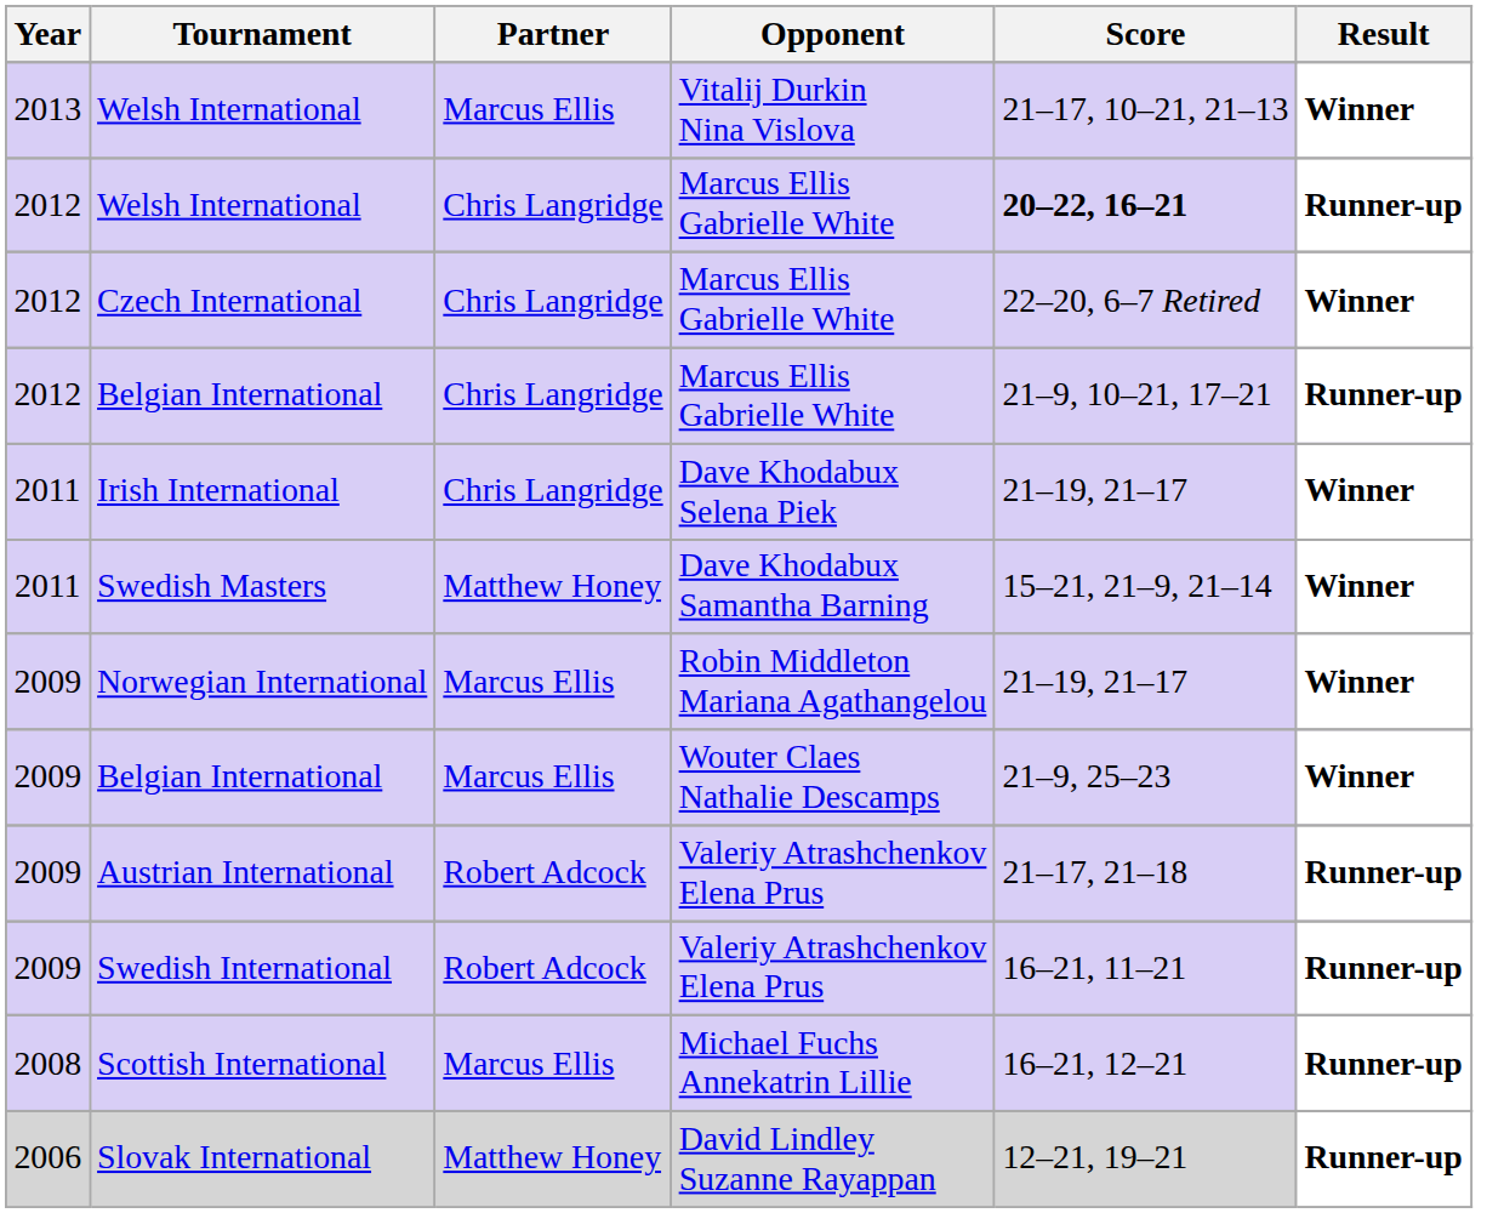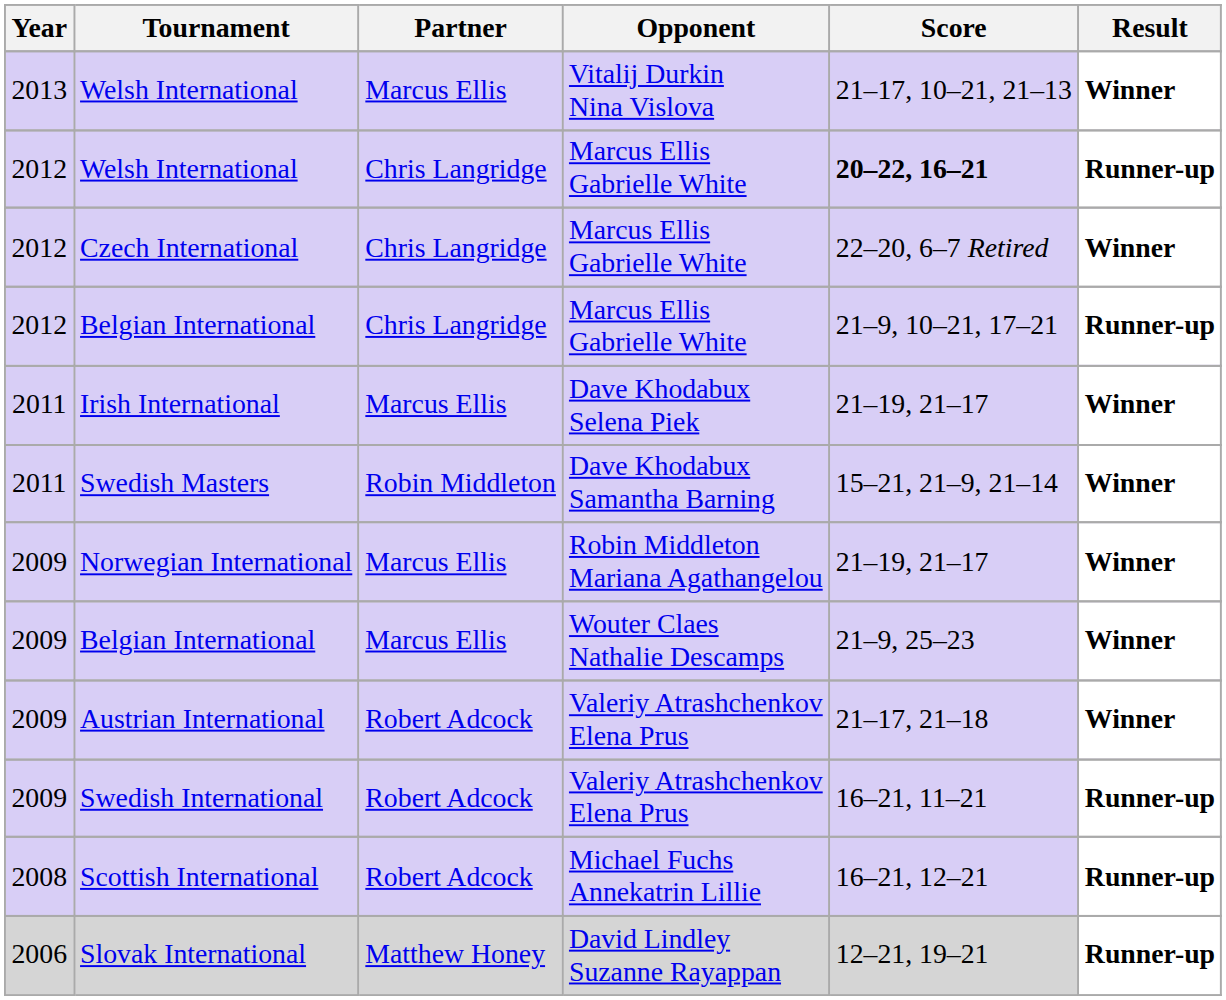 <table class="sortable wikitable" style="font-size: 90%;">
 <tr>
 <th>Year</th>
 <th>Tournament</th>
 <th>Partner</th>
 <th>Opponent</th>
 <th>Score</th>
 <th>Result</th>
 </tr>
 <tr>
 </tr>
 <tr style="background:#D8CEF6">
 <td align="center">2013</td>
 <td align="left"><a href='#'>Welsh International</a></td>
 <td align="left"> <a href='#'>Marcus Ellis</a></td>
 <td align="left"> <a href='#'>Vitalij Durkin</a><br> <a href='#'>Nina Vislova</a></td>
 <td align="left">21–17, 10–21, 21–13</td>
 <td style="text-align:left; background:white"> <strong>Winner</strong></td>
 </tr>
 <tr>
 </tr>
 <tr style="background:#D8CEF6">
 <td align="center">2012</td>
 <td align="left"><a href='#'>Welsh International</a></td>
 <td align="left"> <a href='#'>Chris Langridge</a></td>
 <td align="left"> <a href='#'>Marcus Ellis</a><br> <a href='#'>Gabrielle White</a></td>
 <td align="left"><strong>20–22, 16–21</strong></td>
 <td style="text-align:left; background:white"> <strong>Runner-up</strong></td>
 </tr>
 <tr>
 </tr>
 <tr style="background:#D8CEF6">
 <td align="center">2012</td>
 <td align="left"><a href='#'>Czech International</a></td>
 <td align="left"> <a href='#'>Chris Langridge</a></td>
 <td align="left"> <a href='#'>Marcus Ellis</a><br> <a href='#'>Gabrielle White</a></td>
 <td align="left">22–20, 6–7 <em>Retired</em></td>
 <td style="text-align:left; background:white"> <strong>Winner</strong></td>
 </tr>
 <tr>
 </tr>
 <tr style="background:#D8CEF6">
 <td align="center">2012</td>
 <td align="left"><a href='#'>Belgian International</a></td>
 <td align="left"> <a href='#'>Chris Langridge</a></td>
 <td align="left"> <a href='#'>Marcus Ellis</a><br> <a href='#'>Gabrielle White</a></td>
 <td align="left">21–9, 10–21, 17–21</td>
 <td style="text-align:left; background:white"> <strong>Runner-up</strong></td>
 </tr>
 <tr>
 </tr>
 <tr style="background:#D8CEF6">
 <td align="center">2011</td>
 <td align="left"><a href='#'>Irish International</a></td>
-<td align="left"> <a href='#'>Chris Langridge</a></td>
+<td align="left"> <a href='#'>Marcus Ellis</a></td>
 <td align="left"> <a href='#'>Dave Khodabux</a><br> <a href='#'>Selena Piek</a></td>
 <td align="left">21–19, 21–17</td>
 <td style="text-align:left; background:white"> <strong>Winner</strong></td>
 </tr>
 <tr>
 </tr>
 <tr style="background:#D8CEF6">
 <td align="center">2011</td>
 <td align="left"><a href='#'>Swedish Masters</a></td>
-<td align="left"> <a href='#'>Matthew Honey</a></td>
+<td align="left"> <a href='#'>Robin Middleton</a></td>
 <td align="left"> <a href='#'>Dave Khodabux</a><br> <a href='#'>Samantha Barning</a></td>
 <td align="left">15–21, 21–9, 21–14</td>
 <td style="text-align:left; background:white"> <strong>Winner</strong></td>
 </tr>
 <tr>
 </tr>
 <tr style="background:#D8CEF6">
 <td align="center">2009</td>
 <td align="left"><a href='#'>Norwegian International</a></td>
 <td align="left"> <a href='#'>Marcus Ellis</a></td>
 <td align="left"> <a href='#'>Robin Middleton</a><br> <a href='#'>Mariana Agathangelou</a></td>
 <td align="left">21–19, 21–17</td>
 <td style="text-align:left; background:white"> <strong>Winner</strong></td>
 </tr>
 <tr>
 </tr>
 <tr style="background:#D8CEF6">
 <td align="center">2009</td>
 <td align="left"><a href='#'>Belgian International</a></td>
 <td align="left"> <a href='#'>Marcus Ellis</a></td>
 <td align="left"> <a href='#'>Wouter Claes</a><br> <a href='#'>Nathalie Descamps</a></td>
 <td align="left">21–9, 25–23</td>
 <td style="text-align:left; background:white"> <strong>Winner</strong></td>
 </tr>
 <tr>
 </tr>
 <tr style="background:#D8CEF6">
 <td align="center">2009</td>
 <td align="left"><a href='#'>Austrian International</a></td>
 <td align="left"> <a href='#'>Robert Adcock</a></td>
 <td align="left"> <a href='#'>Valeriy Atrashchenkov</a><br> <a href='#'>Elena Prus</a></td>
 <td align="left">21–17, 21–18</td>
-<td style="text-align:left; background:white"> <strong>Runner-up</strong></td>
+<td style="text-align:left; background:white"> <strong>Winner</strong></td>
 </tr>
 <tr>
 </tr>
 <tr style="background:#D8CEF6">
 <td align="center">2009</td>
 <td align="left"><a href='#'>Swedish International</a></td>
 <td align="left"> <a href='#'>Robert Adcock</a></td>
 <td align="left"> <a href='#'>Valeriy Atrashchenkov</a><br> <a href='#'>Elena Prus</a></td>
 <td align="left">16–21, 11–21</td>
 <td style="text-align:left; background:white"> <strong>Runner-up</strong></td>
 </tr>
 <tr>
 </tr>
 <tr style="background:#D8CEF6">
 <td align="center">2008</td>
 <td align="left"><a href='#'>Scottish International</a></td>
-<td align="left"> <a href='#'>Marcus Ellis</a></td>
+<td align="left"> <a href='#'>Robert Adcock</a></td>
 <td align="left"> <a href='#'>Michael Fuchs</a><br> <a href='#'>Annekatrin Lillie</a></td>
 <td align="left">16–21, 12–21</td>
 <td style="text-align:left; background:white"> <strong>Runner-up</strong></td>
 </tr>
 <tr>
 </tr>
 <tr style="background:#D5D5D5">
 <td align="center">2006</td>
 <td align="left"><a href='#'>Slovak International</a></td>
 <td align="left"> <a href='#'>Matthew Honey</a></td>
 <td align="left"> <a href='#'>David Lindley</a><br> <a href='#'>Suzanne Rayappan</a></td>
 <td align="left">12–21, 19–21</td>
 <td style="text-align:left; background:white"> <strong>Runner-up</strong></td>
 </tr>
 </table>
